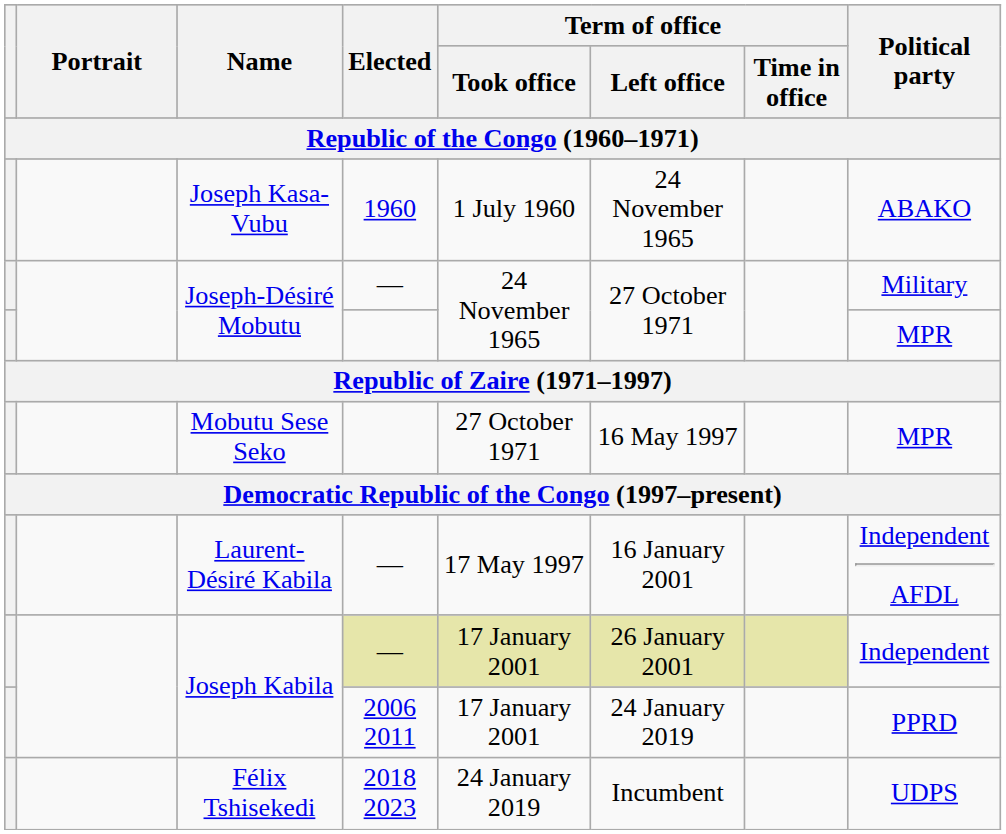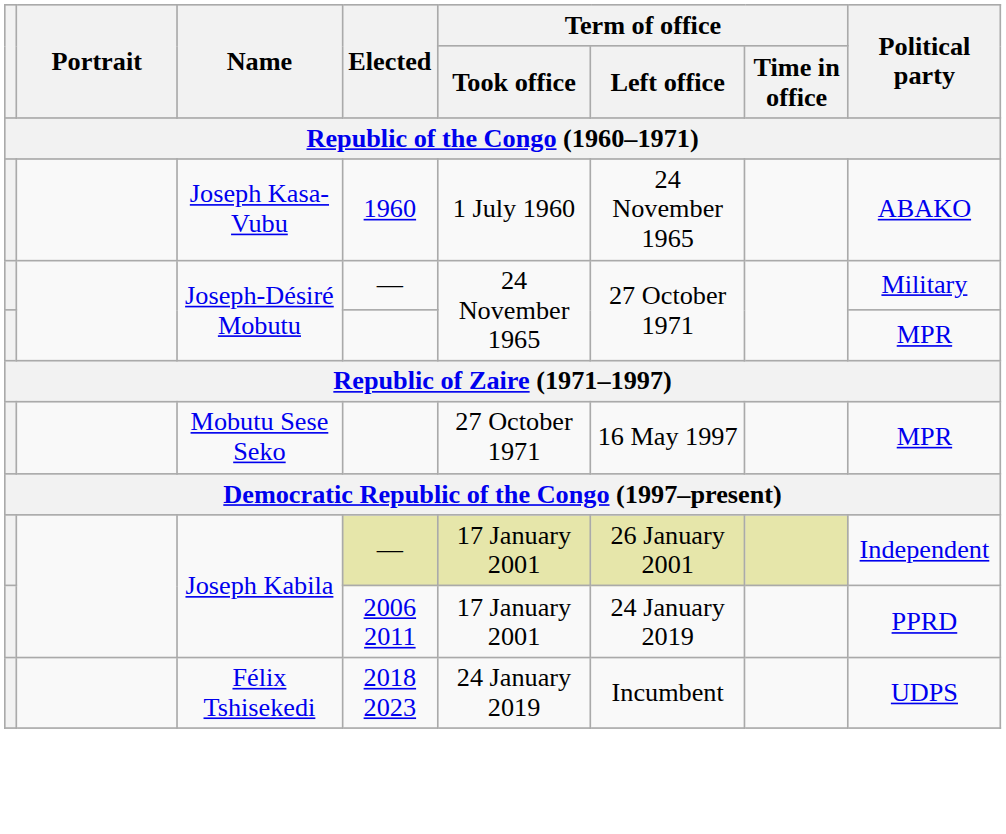 <table class="wikitable" style="text-align:center">
 <tr>
 <th rowspan="2"></th>
 <th rowspan="2" width="90px">Portrait</th>
 <th rowspan="2">Name<br></th>
 <th rowspan="2">Elected</th>
 <th colspan="3">Term of office</th>
 <th rowspan="2">Political party</th>
 </tr>
 <tr>
 <th>Took office</th>
 <th>Left office</th>
 <th>Time in office</th>
 </tr>
 <tr>
 <th colspan="8"><a href='#'>Republic of the Congo</a> (1960–1971)</th>
 </tr>
 <tr>
 <th style="background:"></th>
 <td></td>
 <td><a href='#'>Joseph Kasa-Vubu</a><br></td>
 <td><a href='#'>1960</a></td>
 <td>1 July 1960</td>
 <td>24 November 1965<br></td>
 <td></td>
 <td><a href='#'>ABAKO</a></td>
 </tr>
 <tr>
 <th style="background:"></th>
 <td rowspan="2"></td>
 <td rowspan="2"><a href='#'>Joseph-Désiré Mobutu</a><br></td>
 <td>—</td>
 <td rowspan="2">24 November 1965</td>
 <td rowspan="2">27 October 1971</td>
 <td rowspan="2"></td>
 <td><a href='#'>Military</a><br></td>
 </tr>
 <tr>
 <th style="background:"></th>
 <td></td>
 <td><a href='#'>MPR</a></td>
 </tr>
 <tr>
 <th colspan="8"><a href='#'>Republic of Zaire</a> (1971–1997)</th>
 </tr>
 <tr>
 <th style="background:"></th>
 <td></td>
 <td><a href='#'>Mobutu Sese Seko</a><br></td>
 <td><br></td>
 <td>27 October 1971</td>
 <td>16 May 1997<br></td>
 <td></td>
 <td><a href='#'>MPR</a></td>
 </tr>
 <tr>
 <th colspan="8"><a href='#'>Democratic Republic of the Congo</a> (1997–present)</th>
 </tr>
 <tr>
 <th style="background:"></th>
-<td></td>
-<td><a href='#'>Laurent-Désiré Kabila</a><br></td>
-<td>—</td>
-<td>17 May 1997</td>
-<td>16 January 2001<br></td>
-<td></td>
-<td><a href='#'>Independent</a> <hr>  <a href='#'>AFDL</a></td>
-</tr>
-<tr>
-<th style="background:"></th>
 <td rowspan="2"></td>
 <td rowspan="2"><a href='#'>Joseph Kabila</a><br></td>
 <td style="background:#e6e6aa;">—</td>
 <td style="background:#e6e6aa;">17 January 2001</td>
 <td style="background:#e6e6aa;">26 January 2001</td>
 <td style="background:#e6e6aa;"></td>
 <td><a href='#'>Independent</a><br></td>
 </tr>
 <tr>
 <th style="background:"></th>
 <td><a href='#'>2006</a><br><a href='#'>2011</a></td>
 <td>17 January 2001</td>
 <td>24 January 2019</td>
 <td></td>
 <td><a href='#'>PPRD</a></td>
 </tr>
 <tr>
 <th style="background:"></th>
 <td></td>
 <td><a href='#'>Félix Tshisekedi</a><br></td>
 <td><a href='#'>2018</a><br><a href='#'>2023</a></td>
 <td>24 January 2019</td>
 <td>Incumbent</td>
 <td></td>
 <td><a href='#'>UDPS</a></td>
 </tr>
 </table>
